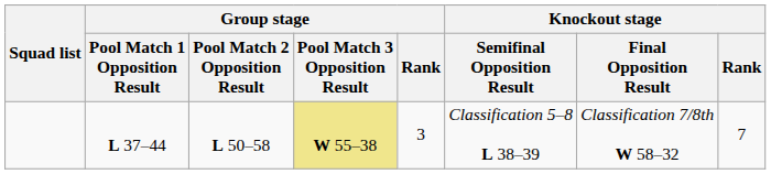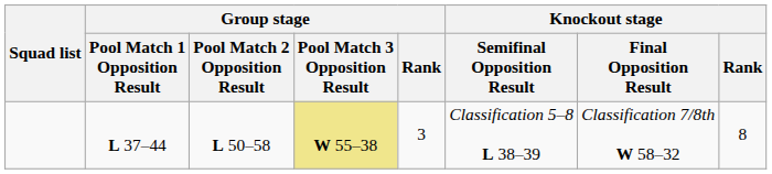 <table class=wikitable style="font-size:90%">
 <tr>
 <th rowspan="2">Squad list</th>
 <th colspan="4">Group stage</th>
 <th colspan="3">Knockout stage</th>
 </tr>
 <tr>
 <th>Pool Match 1<br>Opposition<br>Result</th>
 <th>Pool Match 2<br>Opposition<br>Result</th>
 <th>Pool Match 3<br>Opposition<br>Result</th>
 <th>Rank</th>
 <th>Semifinal<br>Opposition<br>Result</th>
 <th>Final<br>Opposition<br>Result</th>
 <th>Rank</th>
 </tr>
 <tr>
 <td align=left></td>
 <td align=center><br><strong>L</strong> 37–44</td>
 <td align=center><br><strong>L</strong> 50–58</td>
 <td align=center style="background: khaki;"><br><strong>W</strong> 55–38</td>
 <td align=center>3</td>
 <td align=center><em>Classification 5–8</em><br><br><strong>L</strong> 38–39</td>
 <td align=center><em>Classification 7/8th</em><br><br><strong>W</strong> 58–32</td>
-<td align=center>7</td>
+<td align=center>8</td>
 </tr>
 </table>
